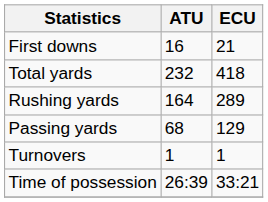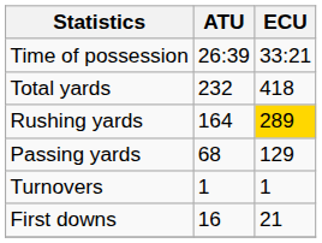 <table class="wikitable" style="float: left;">
 <tr>
 <th>Statistics</th>
 <th>ATU</th>
 <th>ECU</th>
 </tr>
 <tr>
-<td>First downs</td>
-<td>16</td>
-<td>21</td>
+<td>Time of possession</td>
+<td>26:39</td>
+<td>33:21</td>
 </tr>
 <tr>
 <td>Total yards</td>
 <td>232</td>
 <td>418</td>
 </tr>
 <tr>
 <td>Rushing yards</td>
 <td>164</td>
-<td>289</td>
+<td style="background: gold;">289</td>
 </tr>
 <tr>
 <td>Passing yards</td>
 <td>68</td>
 <td>129</td>
 </tr>
 <tr>
 <td>Turnovers</td>
 <td>1</td>
 <td>1</td>
 </tr>
 <tr>
-<td>Time of possession</td>
-<td>26:39</td>
-<td>33:21</td>
+<td>First downs</td>
+<td>16</td>
+<td>21</td>
 </tr>
 <tr>
 </tr>
 </table>
